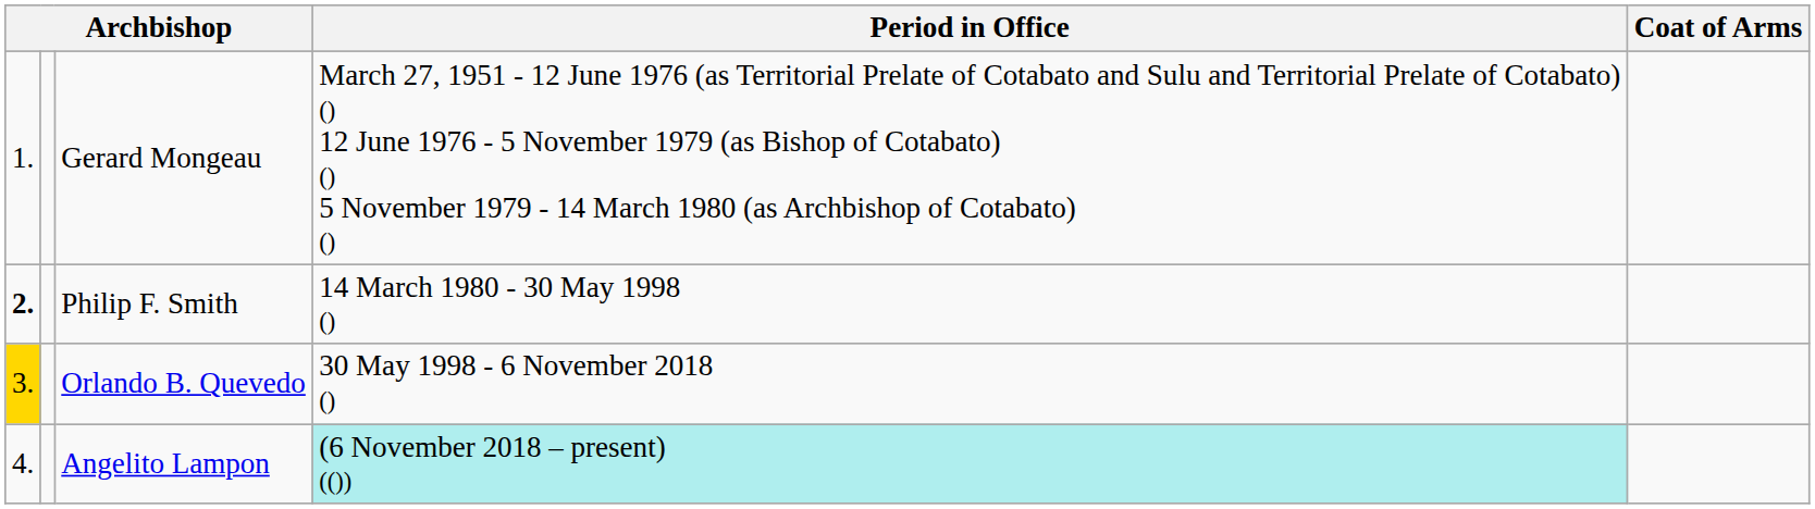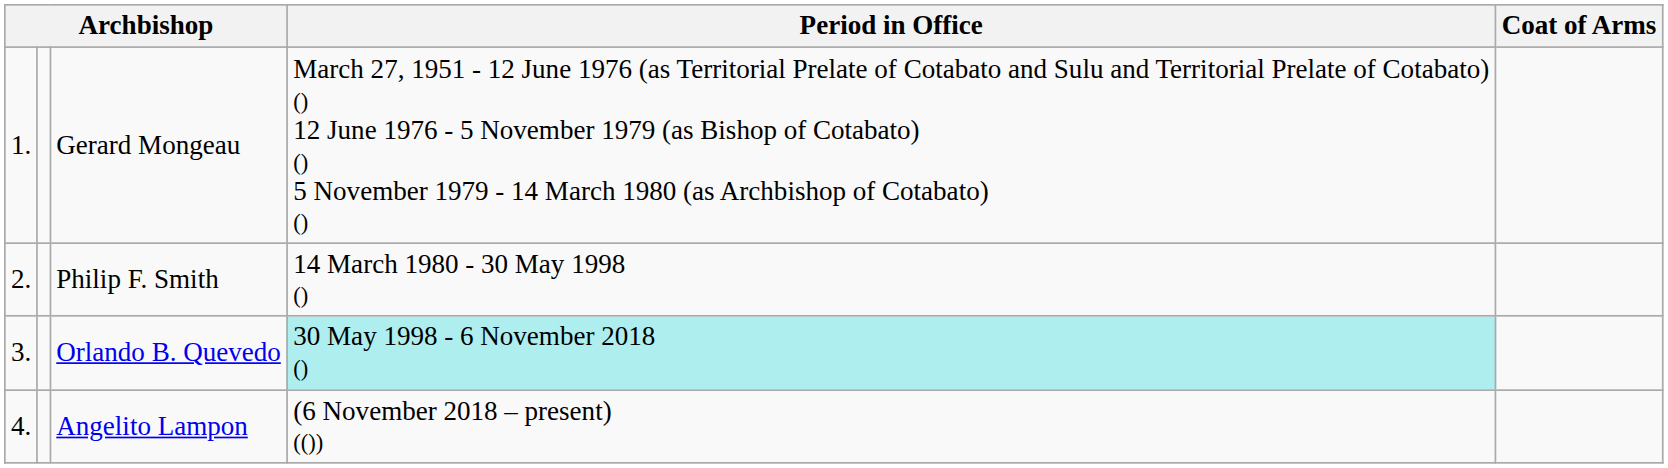 <table class="wikitable">
 <tr>
 <th colspan=3>Archbishop</th>
 <th>Period in Office</th>
 <th>Coat of Arms</th>
 </tr>
 <tr>
 <td>1.</td>
 <td></td>
 <td>Gerard Mongeau</td>
 <td>March 27, 1951 - 12 June 1976 (as Territorial Prelate of Cotabato and Sulu and Territorial Prelate of Cotabato) <br> <small>()</small> <br> 12 June 1976 - 5 November 1979 (as Bishop of Cotabato) <br><small>()</small><br> 5 November 1979 - 14 March 1980 (as Archbishop of Cotabato) <br><small>()</small></td>
 <td></td>
 </tr>
 <tr>
-<td><strong>2.</strong></td>
+<td>2.</td>
 <td></td>
 <td>Philip F. Smith</td>
 <td>14 March 1980 -  30 May 1998<br><small>()</small></td>
 <td></td>
 </tr>
 <tr>
-<td style="background: gold;">3.</td>
+<td>3.</td>
 <td></td>
 <td><a href='#'>Orlando B. Quevedo</a></td>
-<td>30 May 1998 - 6 November 2018 <br><small>()</small></td>
+<td style="background: paleturquoise;">30 May 1998 - 6 November 2018 <br><small>()</small></td>
 <td></td>
 </tr>
 <tr>
 <td>4.</td>
 <td></td>
 <td><a href='#'>Angelito Lampon</a></td>
-<td style="background: paleturquoise;">(6 November 2018 – present) <br><small>(())</small></td>
+<td>(6 November 2018 – present) <br><small>(())</small></td>
 <td></td>
 </tr>
 </table>
